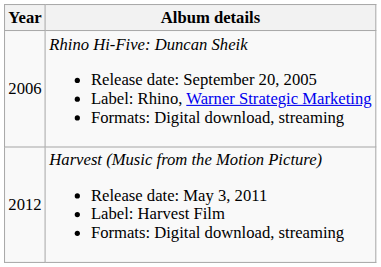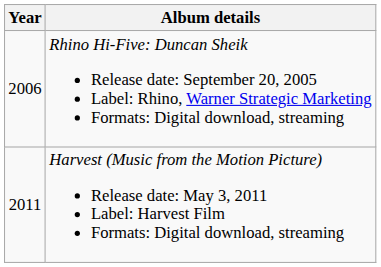 <table class="wikitable" style="text-align:center;">
 <tr>
 <th>Year</th>
 <th>Album details</th>
 </tr>
 <tr>
 <td>2006</td>
 <td style="text-align:left;"><em>Rhino Hi-Five: Duncan Sheik</em><br><ul><li>Release date: September 20, 2005</li><li>Label: Rhino, <a href='#'>Warner Strategic Marketing</a></li><li>Formats: Digital download, streaming</li></ul></td>
 </tr>
 <tr>
-<td>2012</td>
+<td>2011</td>
 <td style="text-align:left;"><em>Harvest (Music from the Motion Picture)</em> <br><ul><li>Release date: May 3, 2011</li><li>Label: Harvest Film</li><li>Formats: Digital download, streaming</li></ul></td>
 </tr>
 </table>
